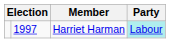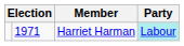 <table class="wikitable">
 <tr>
 <th colspan="2">Election</th>
 <th>Member</th>
 <th>Party</th>
 </tr>
 <tr>
 <td style="color:inherit;background-color: "></td>
-<td><a href='#'>1997</a></td>
+<td><a href='#'>1971</a></td>
 <td><a href='#'>Harriet Harman</a></td>
 <td style="background: paleturquoise;"><a href='#'>Labour</a></td>
 </tr>
 </table>
